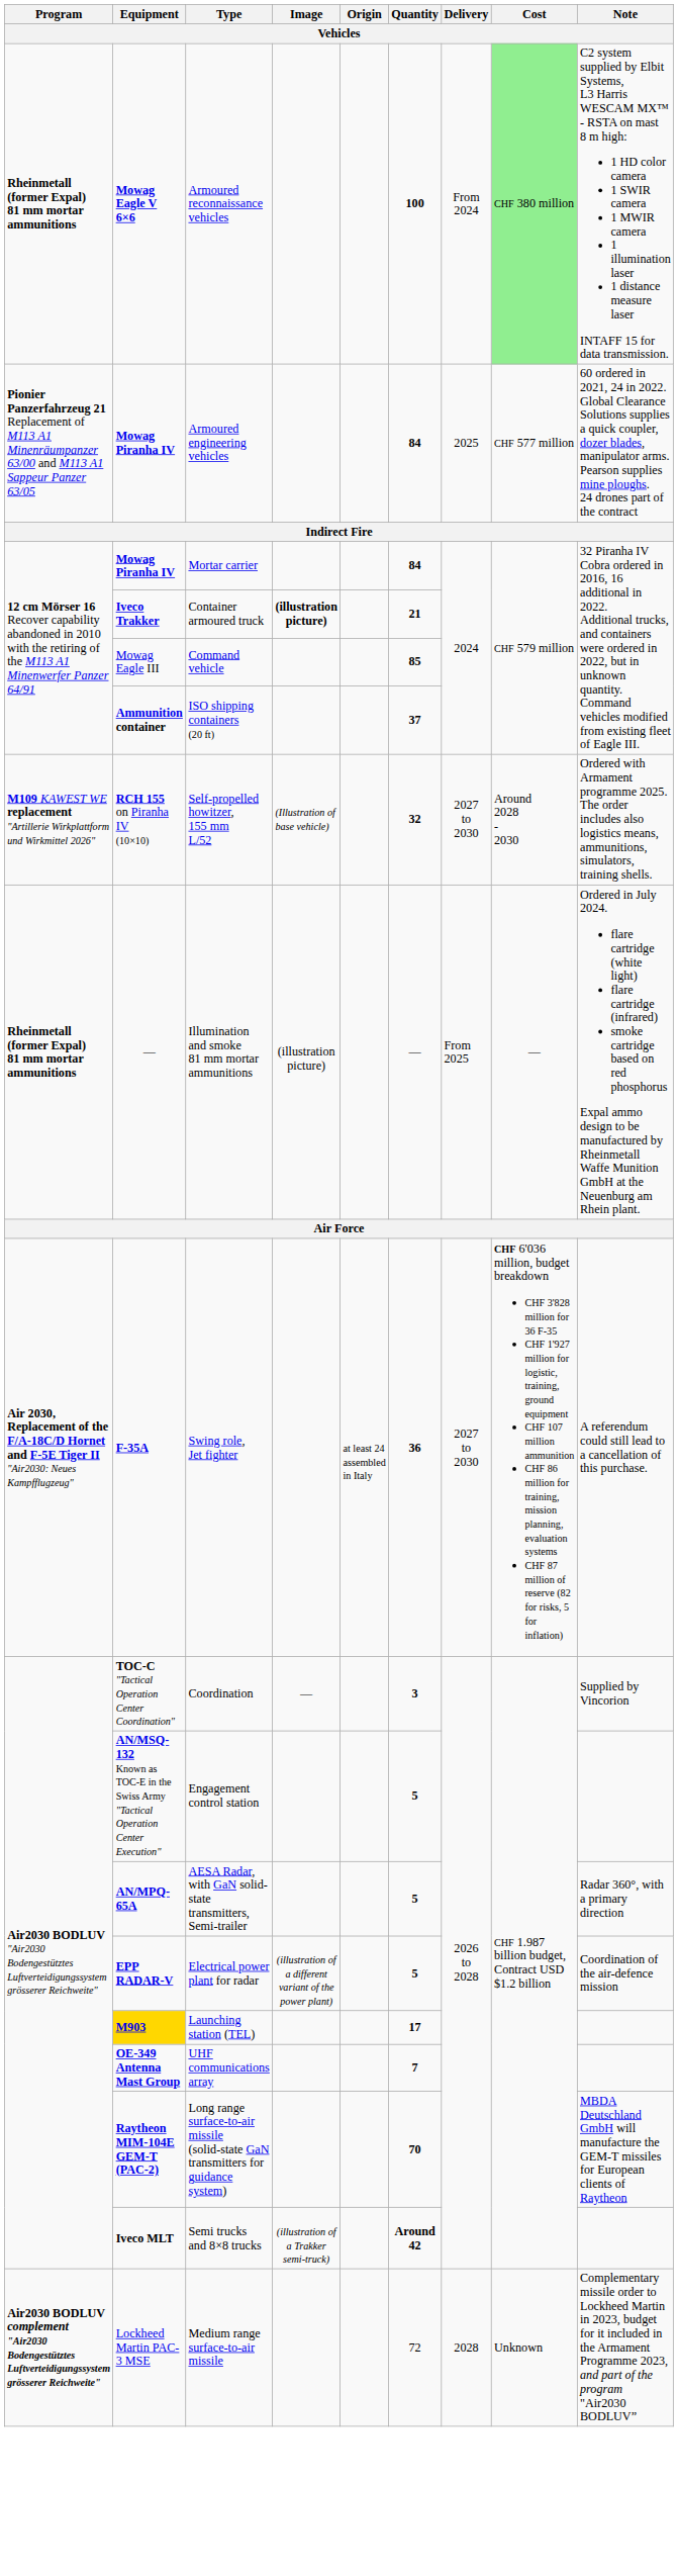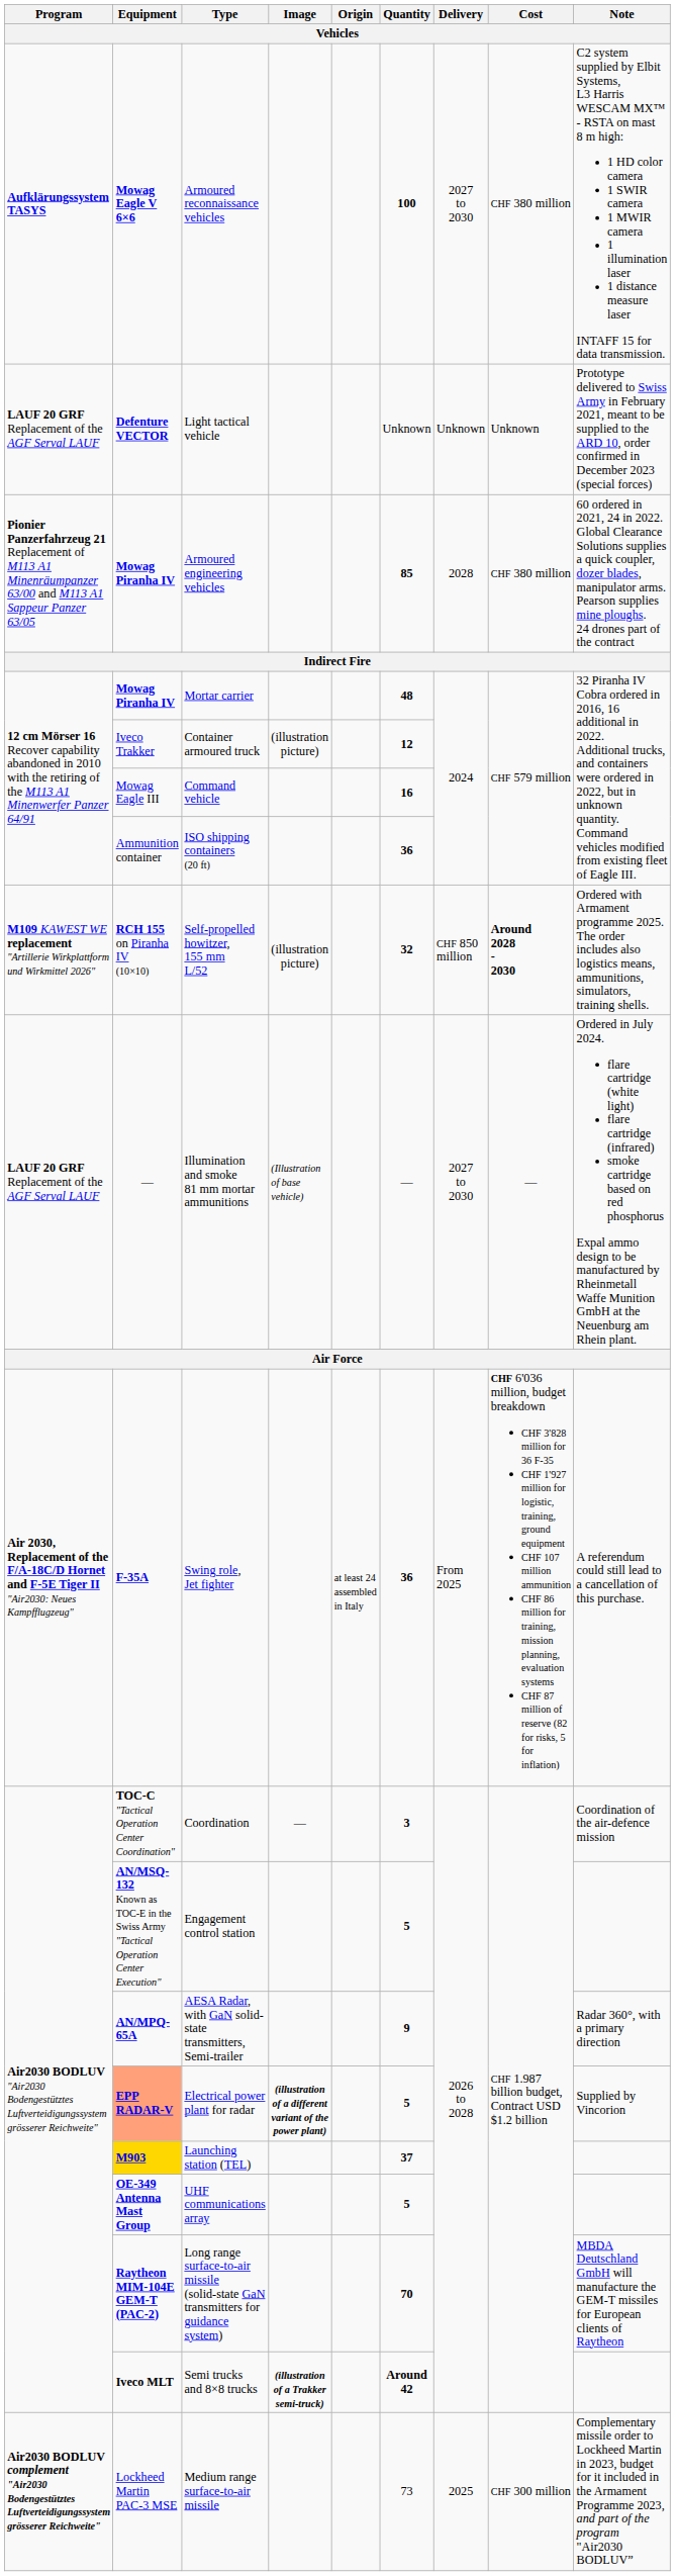 <table class="wikitable">
 <tr>
 <th>Program</th>
 <th>Equipment</th>
 <th>Type</th>
 <th>Image</th>
 <th>Origin</th>
 <th>Quantity</th>
 <th>Delivery</th>
 <th>Cost</th>
 <th>Note</th>
 </tr>
 <tr>
 <th colspan="9">Vehicles</th>
 </tr>
 <tr>
-<td><strong>Rheinmetall (former Expal) 81 mm mortar ammunitions</strong></td>
+<td><strong><a href='#'>Aufklärungssystem TASYS</a></strong></td>
 <td><strong><a href='#'>Mowag Eagle V <br>6×6</a></strong></td>
 <td><a href='#'>Armoured reconnaissance vehicles</a></td>
 <td style="text-align: center; "></td>
 <td><small></small></td>
 <td style="text-align: center; "><strong>100</strong></td>
-<td style="text-align: center; ">From 2024</td>
-<td style="background: lightgreen;"><small>CHF</small> 380 million</td>
+<td style="text-align: center; ">2027<br>to<br>2030</td>
+<td><small>CHF</small> 380 million</td>
 <td>C2 system supplied by Elbit Systems,<br>L3 Harris WESCAM MX™ - RSTA on mast 8 m high:<ul><li>1 HD color camera</li><li>1 SWIR camera</li><li>1 MWIR camera</li><li>1 illumination laser</li><li>1 distance measure laser</li></ul>INTAFF 15 for data transmission.<br></td>
+</tr>
+<tr>
+<td><strong>LAUF 20</strong> <strong>GRF</strong><br>Replacement of the <em><a href='#'>AGF Serval LAUF</a></em></td>
+<td><strong><a href='#'>Defenture VECTOR</a></strong></td>
+<td>Light tactical vehicle</td>
+<td style="text-align: center; "></td>
+<td><small></small></td>
+<td style="text-align: center; ">Unknown</td>
+<td style="text-align: center; ">Unknown</td>
+<td>Unknown</td>
+<td>Prototype delivered to <a href='#'>Swiss Army</a> in February 2021, meant to be supplied to the <a href='#'>ARD 10</a>, order confirmed in December 2023 (special forces)</td>
 </tr>
 <tr>
 <td><strong>Pionier Panzerfahrzeug 21</strong> <br>Replacement of <em><a href='#'>M113 A1 Minenräumpanzer 63/00</a></em> and <em><a href='#'>M113 A1 Sappeur Panzer 63/05</a></em></td>
 <td><a href='#'><strong>Mowag Piranha IV</strong></a></td>
 <td><a href='#'>Armoured engineering vehicles</a></td>
 <td style="text-align: center; "><br> </td>
 <td><small></small></td>
-<td style="text-align: center; "><strong>84</strong></td>
-<td style="text-align: center; ">2025</td>
-<td><small>CHF</small> 577 million</td>
+<td style="text-align: center; "><strong>85</strong></td>
+<td style="text-align: center; ">2028</td>
+<td><small>CHF</small> 380 million</td>
 <td>60 ordered in 2021, 24 in 2022.<br>Global Clearance Solutions supplies a quick coupler, <a href='#'>dozer blades</a>, manipulator arms.<br>Pearson supplies <a href='#'>mine ploughs</a>.<br>24 drones part of the contract</td>
 </tr>
 <tr>
 <th colspan="9">Indirect Fire</th>
 </tr>
 <tr>
 <td rowspan="4"><strong>12 cm Mörser 16</strong> <br>Recover capability abandoned in 2010 with the retiring of the <em><a href='#'>M113 A1 Minenwerfer Panzer 64/91</a></em></td>
 <td><strong><a href='#'>Mowag Piranha IV</a></strong><br><strong></strong></td>
 <td><a href='#'>Mortar carrier</a></td>
 <td style="text-align: center; "></td>
 <td><small></small></td>
-<td style="text-align: center; "><strong>84</strong></td>
+<td style="text-align: center; "><strong>48</strong></td>
 <td rowspan="4" style="text-align: center; ">2024</td>
 <td rowspan="4"><small>CHF</small> 579 million</td>
 <td rowspan="4">32 Piranha IV Cobra ordered in 2016, 16 additional in 2022.<br>Additional trucks, and containers were ordered in 2022, but in unknown quantity.<br>Command vehicles modified from existing fleet of Eagle III.</td>
 </tr>
 <tr>
-<td><strong><a href='#'>Iveco Trakker</a></strong></td>
+<td><a href='#'>Iveco Trakker</a></td>
 <td>Container armoured truck</td>
-<td style="text-align: center; "><strong>(illustration picture)</strong></td>
+<td style="text-align: center; ">(illustration picture)</td>
 <td><small></small></td>
-<td style="text-align: center; "><strong>21</strong></td>
+<td style="text-align: center; "><strong>12</strong></td>
 </tr>
 <tr>
 <td><a href='#'>Mowag Eagle</a> III</td>
 <td><a href='#'>Command vehicle</a></td>
 <td style="text-align: center; "></td>
 <td><small></small></td>
-<td style="text-align: center; "><strong>85</strong></td>
+<td style="text-align: center; "><strong>16</strong></td>
 </tr>
 <tr>
-<td><strong><a href='#'>Ammunition</a> container</strong></td>
+<td><a href='#'>Ammunition</a> container</td>
 <td><a href='#'>ISO shipping containers</a> <br><small>(20 ft)</small></td>
 <td style="text-align: center; "></td>
 <td><small></small></td>
-<td style="text-align: center; "><strong>37</strong></td>
+<td style="text-align: center; "><strong>36</strong></td>
 </tr>
 <tr>
 <td><a href='#'><strong>M109</strong> <em>KAWEST WE</em></a> <br><strong>replacement</strong><br><small><em>"Artillerie Wirkplattform und Wirkmittel 2026"</em></small></td>
 <td><strong><a href='#'>RCH 155</a></strong> <br>on <a href='#'>Piranha IV</a> <br><small>(10×10)</small></td>
 <td><a href='#'>Self-propelled howitzer</a>, <br><a href='#'>155 mm</a> <br><a href='#'>L/52</a></td>
-<td><em><small>(Illustration of base vehicle)</small></em></td>
+<td style="text-align: center; "> <br>(illustration picture)</td>
 <td><small></small><br><small></small></td>
 <td style="text-align: center; "><strong>32</strong></td>
-<td style="text-align: center; ">2027<br>to<br>2030</td>
-<td>Around <br>2028<br>-<br>2030</td>
+<td><small>CHF</small> 850 million</td>
+<td><strong>Around <br>2028<br>-<br>2030</strong></td>
 <td>Ordered with Armament programme 2025.<br>The order includes also logistics means, ammunitions, simulators, training shells.</td>
 </tr>
 <tr>
-<td><strong>Rheinmetall (former Expal) 81 mm mortar ammunitions</strong></td>
+<td><strong>LAUF 20</strong> <strong>GRF</strong><br>Replacement of the <em><a href='#'>AGF Serval LAUF</a></em></td>
 <td style="text-align: center; ">—</td>
 <td>Illumination and smoke 81 mm mortar ammunitions</td>
-<td style="text-align: center; "> <br>(illustration picture)</td>
+<td><em><small>(Illustration of base vehicle)</small></em></td>
 <td><small></small><br><small></small></td>
 <td style="text-align: center; ">—</td>
-<td>From 2025</td>
+<td style="text-align: center; ">2027<br>to<br>2030</td>
 <td style="text-align: center; ">—</td>
 <td>Ordered in July 2024.<br><ul><li>flare cartridge (white light)</li><li>flare cartridge (infrared)</li><li>smoke cartridge based on red phosphorus</li></ul>Expal ammo design to be manufactured by Rheinmetall Waffe Munition GmbH at the Neuenburg am Rhein plant.</td>
 </tr>
 <tr>
 <th colspan="9">Air Force</th>
 </tr>
 <tr>
 <td><strong>Air 2030, Replacement of the <a href='#'>F/A-18C/D Hornet</a> and <a href='#'>F-5E Tiger II</a></strong><br><small><em>"Air2030: Neues Kampfflugzeug"</em></small></td>
 <td><a href='#'><strong>F-35A</strong></a></td>
 <td><a href='#'>Swing role</a>,<br><a href='#'>Jet fighter</a></td>
 <td style="text-align: center; "></td>
 <td><small></small><br><small></small><br><small>at least 24 assembled in Italy</small></td>
 <td style="text-align: center; "><strong>36</strong></td>
-<td style="text-align: center; ">2027<br>to<br>2030</td>
+<td>From 2025</td>
 <td><strong><small>CHF</small></strong> 6'036 million, budget breakdown<br><ul><li><small>CHF 3'828 million for 36 F-35</small></li><li><small>CHF 1'927 million for logistic, training, ground equipment</small></li><li><small>CHF 107 million ammunition</small></li><li><small>CHF 86 million for training, mission planning, evaluation systems</small></li><li><small>CHF 87 million of reserve  (82 for risks, 5 for inflation)</small></li></ul></td>
 <td>A referendum could still lead to a cancellation of this purchase.</td>
 </tr>
 <tr>
 <td rowspan="8"><strong>Air2030 BODLUV</strong><br><small><em>"Air2030 Bodengestütztes Luftverteidigungssystem grösserer Reichweite"</em></small></td>
 <td><strong>TOC-C</strong><br><small><em>"Tactical Operation Center Coordination"</em></small></td>
 <td>Coordination</td>
 <td style="text-align: center; ">―</td>
 <td><small></small></td>
 <td style="text-align: center; "><strong>3</strong></td>
 <td rowspan="8" style="text-align: center; ">2026<br>to<br>2028</td>
 <td rowspan="8"><small>CHF</small> 1.987 billion budget,<br>Contract USD $1.2 billion</td>
-<td>Supplied by Vincorion</td>
+<td>Coordination of the air-defence mission</td>
 </tr>
 <tr>
 <td><a href='#'><strong>AN/MSQ-132</strong></a><br><small>Known as TOC-E in the Swiss Army <em>"Tactical Operation Center Execution"</em></small></td>
 <td>Engagement control station</td>
 <td style="text-align: center; "></td>
 <td><small></small></td>
 <td style="text-align: center; "><strong>5</strong></td>
 <td></td>
 </tr>
 <tr>
 <td><a href='#'><strong>AN/MPQ-65A</strong></a></td>
 <td><a href='#'>AESA Radar</a>, with <a href='#'>GaN</a> solid-state transmitters,<br>Semi-trailer</td>
 <td style="text-align: center; "></td>
 <td><small></small></td>
-<td style="text-align: center; "><strong>5</strong></td>
+<td style="text-align: center; "><strong>9</strong></td>
 <td>Radar 360°, with a primary direction</td>
 </tr>
 <tr>
-<td><a href='#'><strong>EPP RADAR-V</strong></a></td>
+<td style="background: lightsalmon;"><a href='#'><strong>EPP RADAR-V</strong></a></td>
 <td><a href='#'>Electrical power plant</a> for radar</td>
-<td style="text-align: center; "><br><small><em>(illustration of a different variant of the power plant)</em></small></td>
+<td style="text-align: center; "><strong><br><small><em>(illustration of a different variant of the power plant)</em></small></strong></td>
 <td><small></small></td>
 <td style="text-align: center; "><strong>5</strong></td>
-<td>Coordination of the air-defence mission</td>
+<td>Supplied by Vincorion</td>
 </tr>
 <tr>
 <td style="background: gold;"><a href='#'><strong>M903</strong></a></td>
 <td><a href='#'>Launching station</a> (<a href='#'>TEL</a>)</td>
 <td style="text-align: center; "></td>
 <td><small></small></td>
-<td style="text-align: center; "><strong>17</strong></td>
+<td style="text-align: center; "><strong>37</strong></td>
 <td></td>
 </tr>
 <tr>
 <td><a href='#'><strong>OE-349 Antenna Mast Group</strong></a></td>
 <td><a href='#'>UHF communications array</a></td>
 <td style="text-align: center; "></td>
 <td><small></small></td>
-<td style="text-align: center; "><strong>7</strong></td>
+<td style="text-align: center; "><strong>5</strong></td>
 <td></td>
 </tr>
 <tr>
 <td><a href='#'><strong>Raytheon MIM-104E GEM-T (PAC-2)</strong></a></td>
 <td>Long range <a href='#'>surface-to-air missile</a> <br>(solid-state <a href='#'>GaN</a> transmitters for <a href='#'>guidance system</a>)</td>
 <td style="text-align: center; "></td>
 <td><small></small><br><small></small></td>
 <td style="text-align: center; "><strong>70</strong></td>
 <td><a href='#'>MBDA Deutschland GmbH</a> will manufacture the GEM-T missiles for European clients of <a href='#'>Raytheon</a></td>
 </tr>
 <tr>
 <td><strong>Iveco MLT</strong></td>
 <td>Semi trucks<br>and 8×8 trucks</td>
-<td style="text-align: center; "><br><small><em>(illustration of a Trakker semi-truck)</em></small></td>
+<td style="text-align: center; "><strong><br><small><em>(illustration of a Trakker semi-truck)</em></small></strong></td>
 <td><small></small></td>
 <td style="text-align: center; "><strong>Around</strong><br><strong>42</strong></td>
 <td></td>
 </tr>
 <tr>
 <td><strong>Air2030 BODLUV <em>complement<strong><em><br><small></em>"Air2030 Bodengestütztes Luftverteidigungssystem grösserer Reichweite"<em></small></td>
 <td><a href='#'></strong>Lockheed Martin PAC-3 MSE<strong></a></td>
 <td>Medium range <a href='#'>surface-to-air missile</a></td>
 <td style="text-align: center; "><br></td>
 <td><small></small></td>
-<td style="text-align: center; "></strong>72<strong></td>
-<td style="text-align: center; ">2028</td>
-<td>Unknown</td>
+<td style="text-align: center; "></strong>73<strong></td>
+<td style="text-align: center; ">2025</td>
+<td><small>CHF</small> 300 million</td>
 <td>Complementary missile order to Lockheed Martin in 2023, budget for it included in the  </em>Armament Programme 2023,<em> and part of the program </em>"Air2030 BODLUV”<em></td>
 </tr>
 </table>
